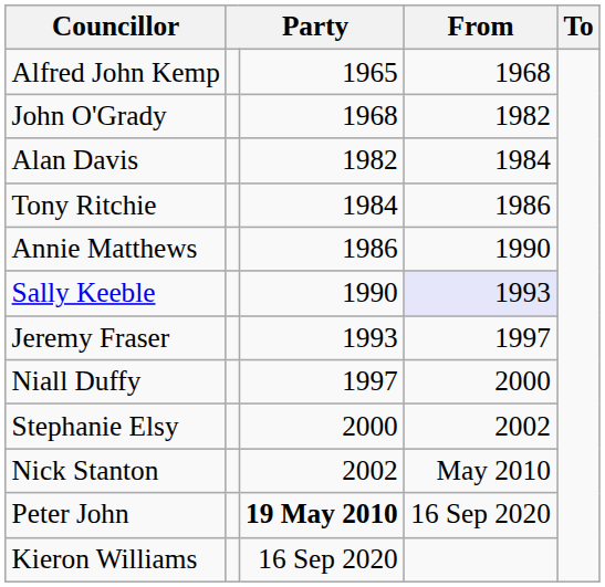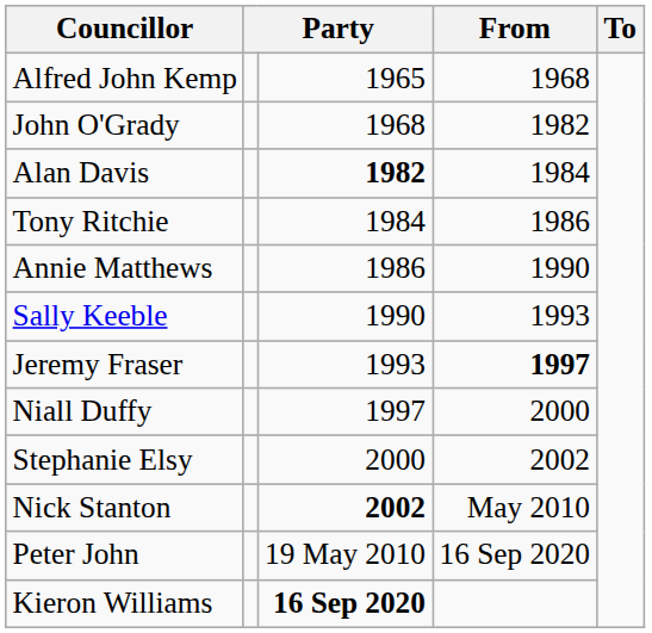 <table class=wikitable>
 <tr>
 <th>Councillor</th>
 <th colspan=2>Party</th>
 <th>From</th>
 <th>To</th>
 </tr>
 <tr>
 <td>Alfred John Kemp</td>
 <td></td>
 <td align=right>1965</td>
 <td align=right>1968</td>
 </tr>
 <tr>
 <td>John O'Grady</td>
 <td></td>
 <td align=right>1968</td>
 <td align=right>1982</td>
 </tr>
 <tr>
 <td>Alan Davis</td>
 <td></td>
-<td align=right>1982</td>
+<td align=right><strong>1982</strong></td>
 <td align=right>1984</td>
 </tr>
 <tr>
 <td>Tony Ritchie</td>
 <td></td>
 <td align=right>1984</td>
 <td align=right>1986</td>
 </tr>
 <tr>
 <td>Annie Matthews</td>
 <td></td>
 <td align=right>1986</td>
 <td align=right>1990</td>
 </tr>
 <tr>
 <td><a href='#'>Sally Keeble</a></td>
 <td></td>
 <td align=right>1990</td>
-<td align=right style="background: lavender;">1993</td>
+<td align=right>1993</td>
 </tr>
 <tr>
 <td>Jeremy Fraser</td>
 <td></td>
 <td align=right>1993</td>
-<td align=right>1997</td>
+<td align=right><strong>1997</strong></td>
 </tr>
 <tr>
 <td>Niall Duffy</td>
 <td></td>
 <td align=right>1997</td>
 <td align=right>2000</td>
 </tr>
 <tr>
 <td>Stephanie Elsy</td>
 <td></td>
 <td align=right>2000</td>
 <td align=right>2002</td>
 </tr>
 <tr>
 <td>Nick Stanton</td>
 <td></td>
-<td align=right>2002</td>
+<td align=right><strong>2002</strong></td>
 <td align=right>May 2010</td>
 </tr>
 <tr>
 <td>Peter John</td>
 <td></td>
-<td align=right><strong>19 May 2010</strong></td>
+<td align=right>19 May 2010</td>
 <td align=right>16 Sep 2020</td>
 </tr>
 <tr>
 <td>Kieron Williams</td>
 <td></td>
-<td align=right>16 Sep 2020</td>
+<td align=right><strong>16 Sep 2020</strong></td>
 <td></td>
 </tr>
 </table>
